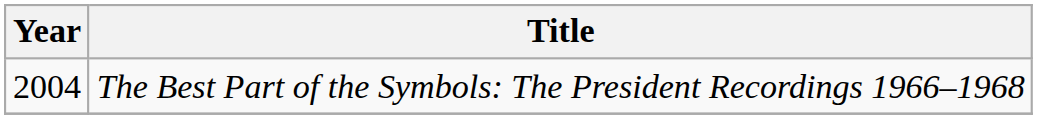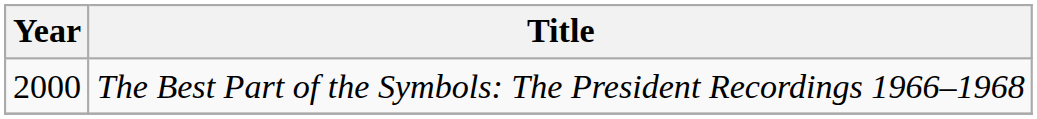 <table class="wikitable">
 <tr>
 <th>Year</th>
 <th>Title</th>
 </tr>
 <tr>
-<td>2004</td>
+<td>2000</td>
 <td><em>The Best Part of the Symbols: The President Recordings 1966–1968</em></td>
 </tr>
 <tr>
 </tr>
 </table>
